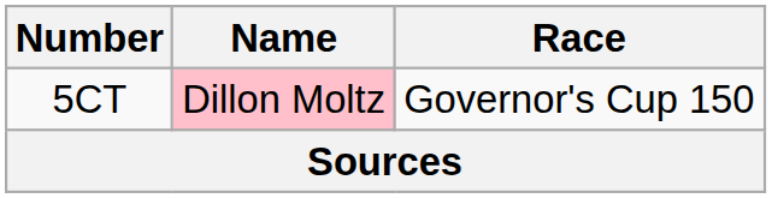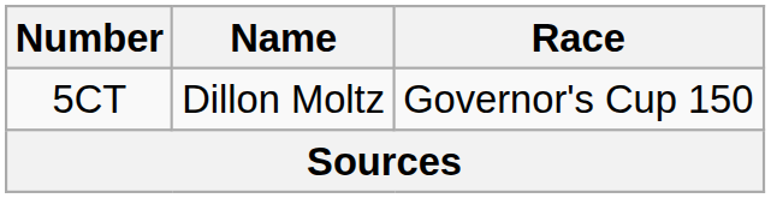 <table class="wikitable" style="font-size: 95%;">
 <tr>
 <th>Number</th>
 <th>Name</th>
 <th>Race</th>
 </tr>
 <tr>
 <td align="center">5CT</td>
-<td align="center" style="background: pink;">Dillon Moltz</td>
+<td align="center">Dillon Moltz</td>
 <td align="center">Governor's Cup 150</td>
 </tr>
 <tr>
 <th colspan="3" align="center">Sources</th>
 </tr>
 </table>
